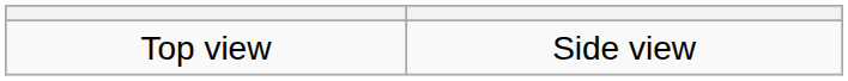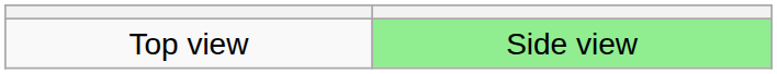 <table class="wikitable" width="400" style="vertical-align:top;text-align:center">
 <tr>
 <th align=center></th>
 <th align=center></th>
 </tr>
 <tr>
 <td>Top view</td>
-<td>Side view</td>
+<td style="background: lightgreen;">Side view</td>
 </tr>
 </table>
